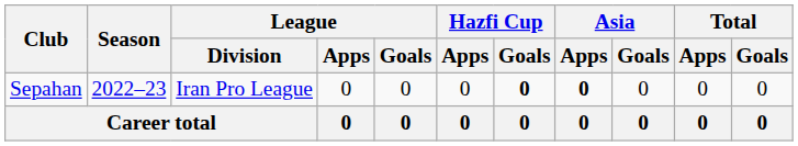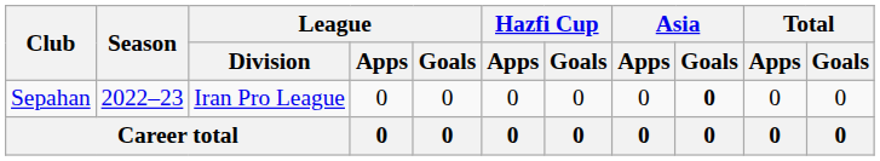 <table class="wikitable" style="text-align:center">
 <tr>
 <th rowspan="2">Club</th>
 <th rowspan="2">Season</th>
 <th colspan="3">League</th>
 <th colspan="2"><a href='#'>Hazfi Cup</a></th>
 <th colspan="2"><a href='#'>Asia</a></th>
 <th colspan="2">Total</th>
 </tr>
 <tr>
 <th>Division</th>
 <th>Apps</th>
 <th>Goals</th>
 <th>Apps</th>
 <th>Goals</th>
 <th>Apps</th>
 <th>Goals</th>
 <th>Apps</th>
 <th>Goals</th>
 </tr>
 <tr>
 <td><a href='#'>Sepahan</a></td>
 <td><a href='#'>2022–23</a></td>
 <td><a href='#'>Iran Pro League</a></td>
 <td>0</td>
 <td>0</td>
 <td>0</td>
+<td>0</td>
+<td>0</td>
 <td><strong>0</strong></td>
-<td><strong>0</strong></td>
-<td>0</td>
 <td>0</td>
 <td>0</td>
 </tr>
 <tr>
 <th colspan="3">Career total</th>
 <th>0</th>
 <th>0</th>
 <th>0</th>
 <th>0</th>
 <th>0</th>
 <th>0</th>
 <th>0</th>
 <th>0</th>
 </tr>
 </table>
